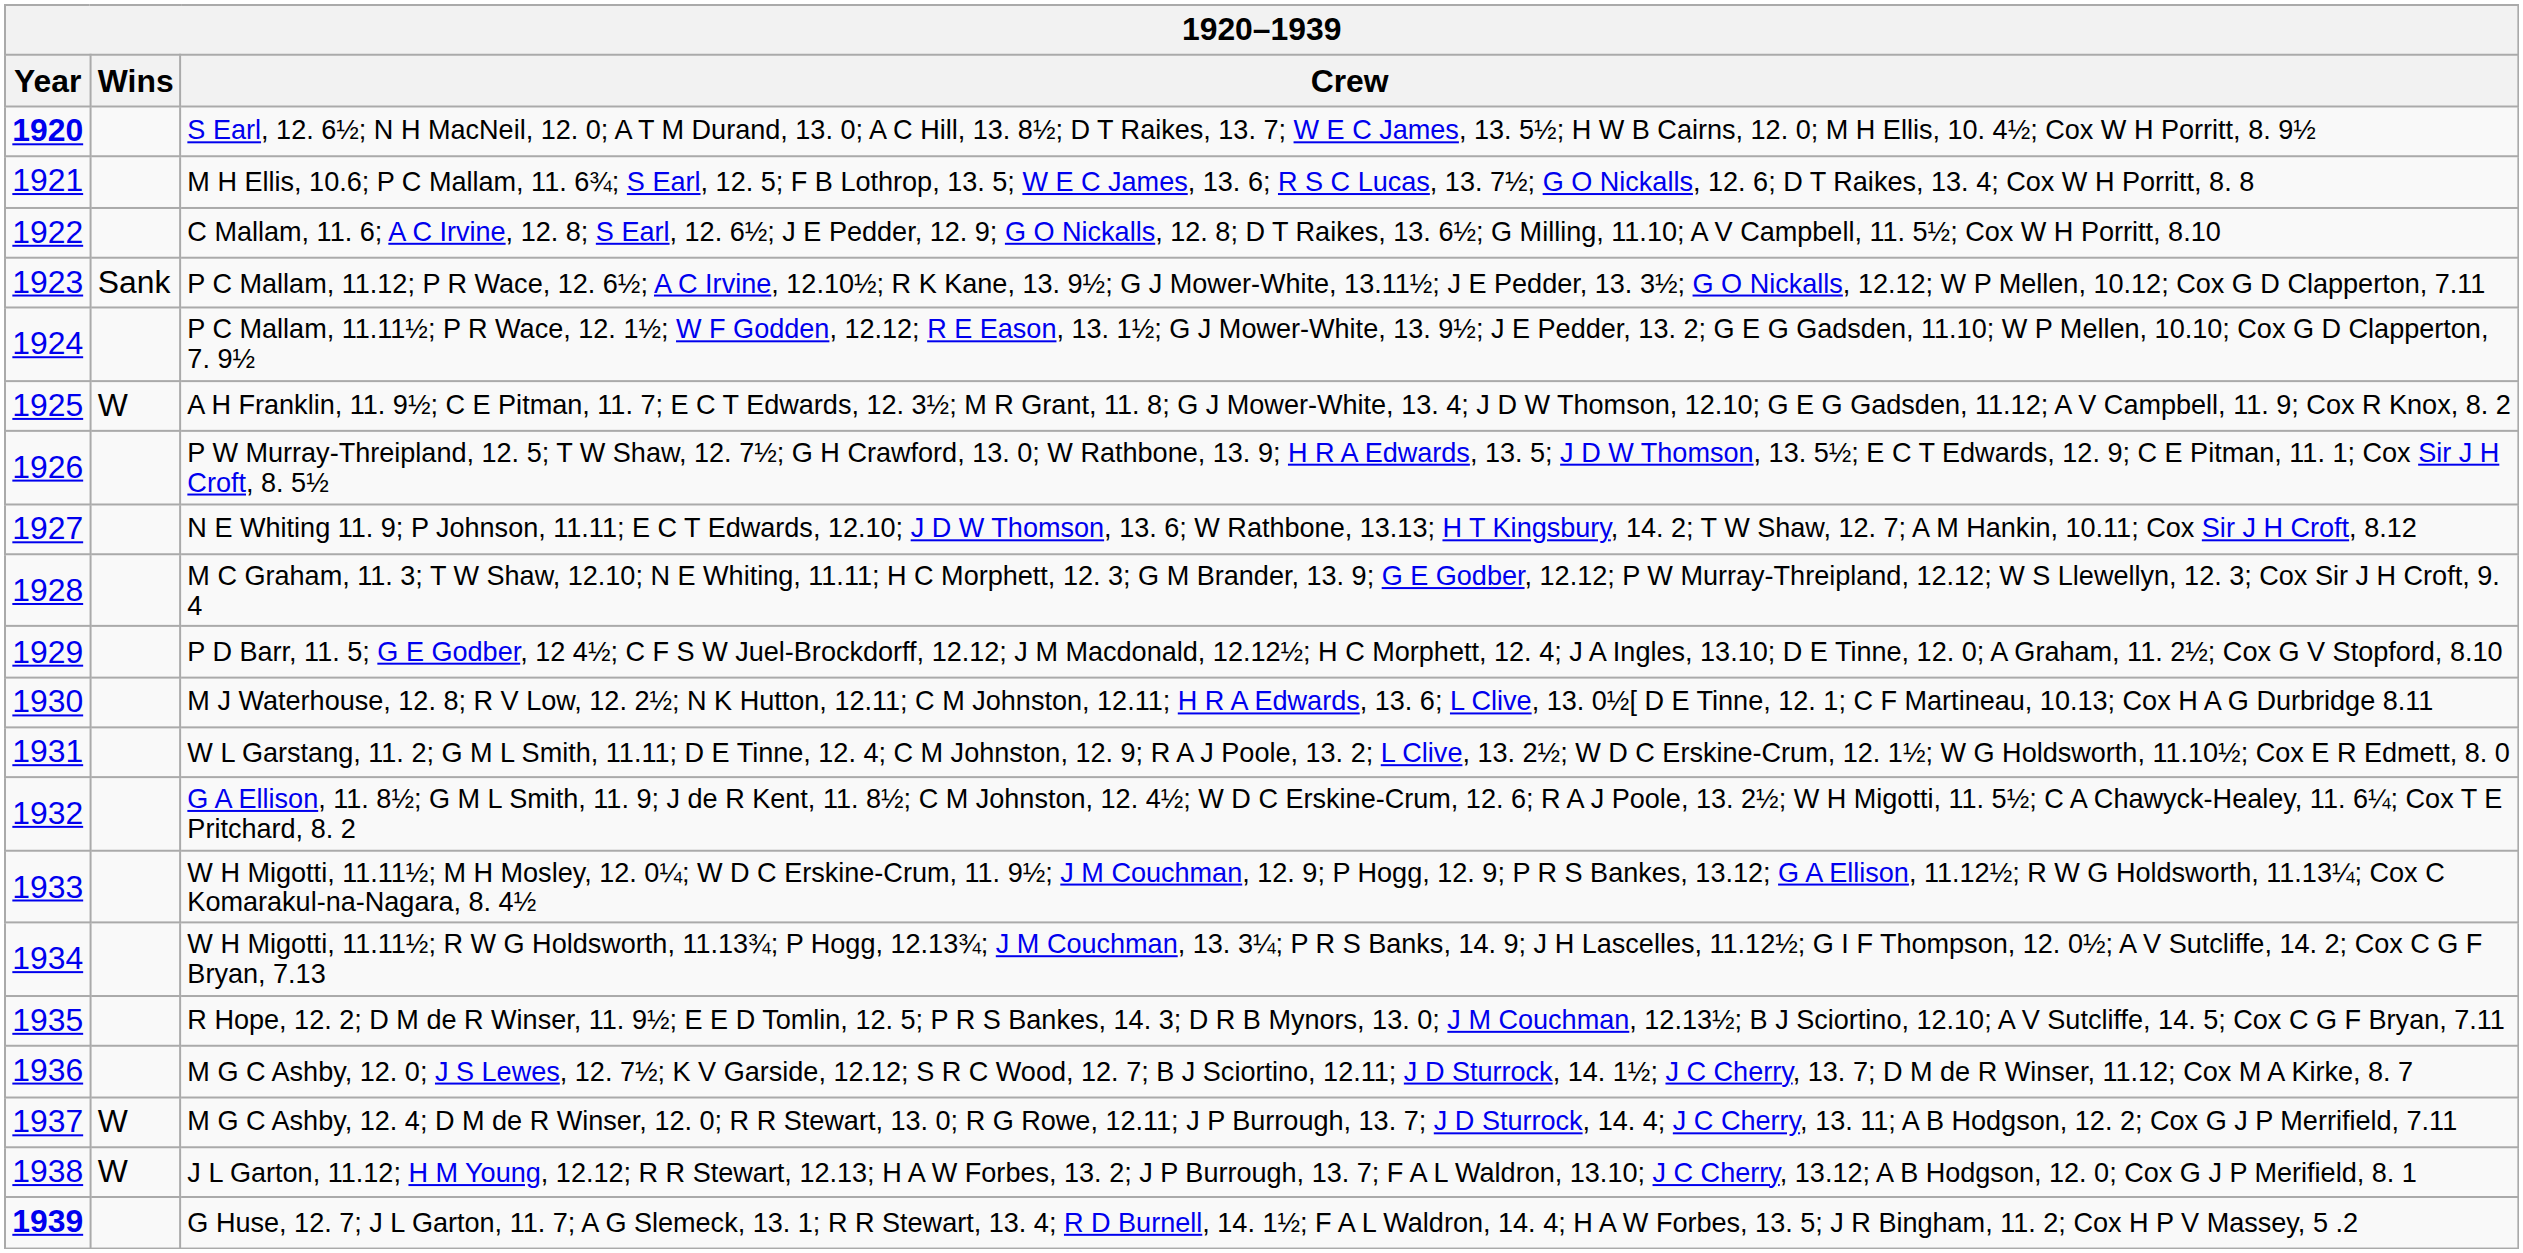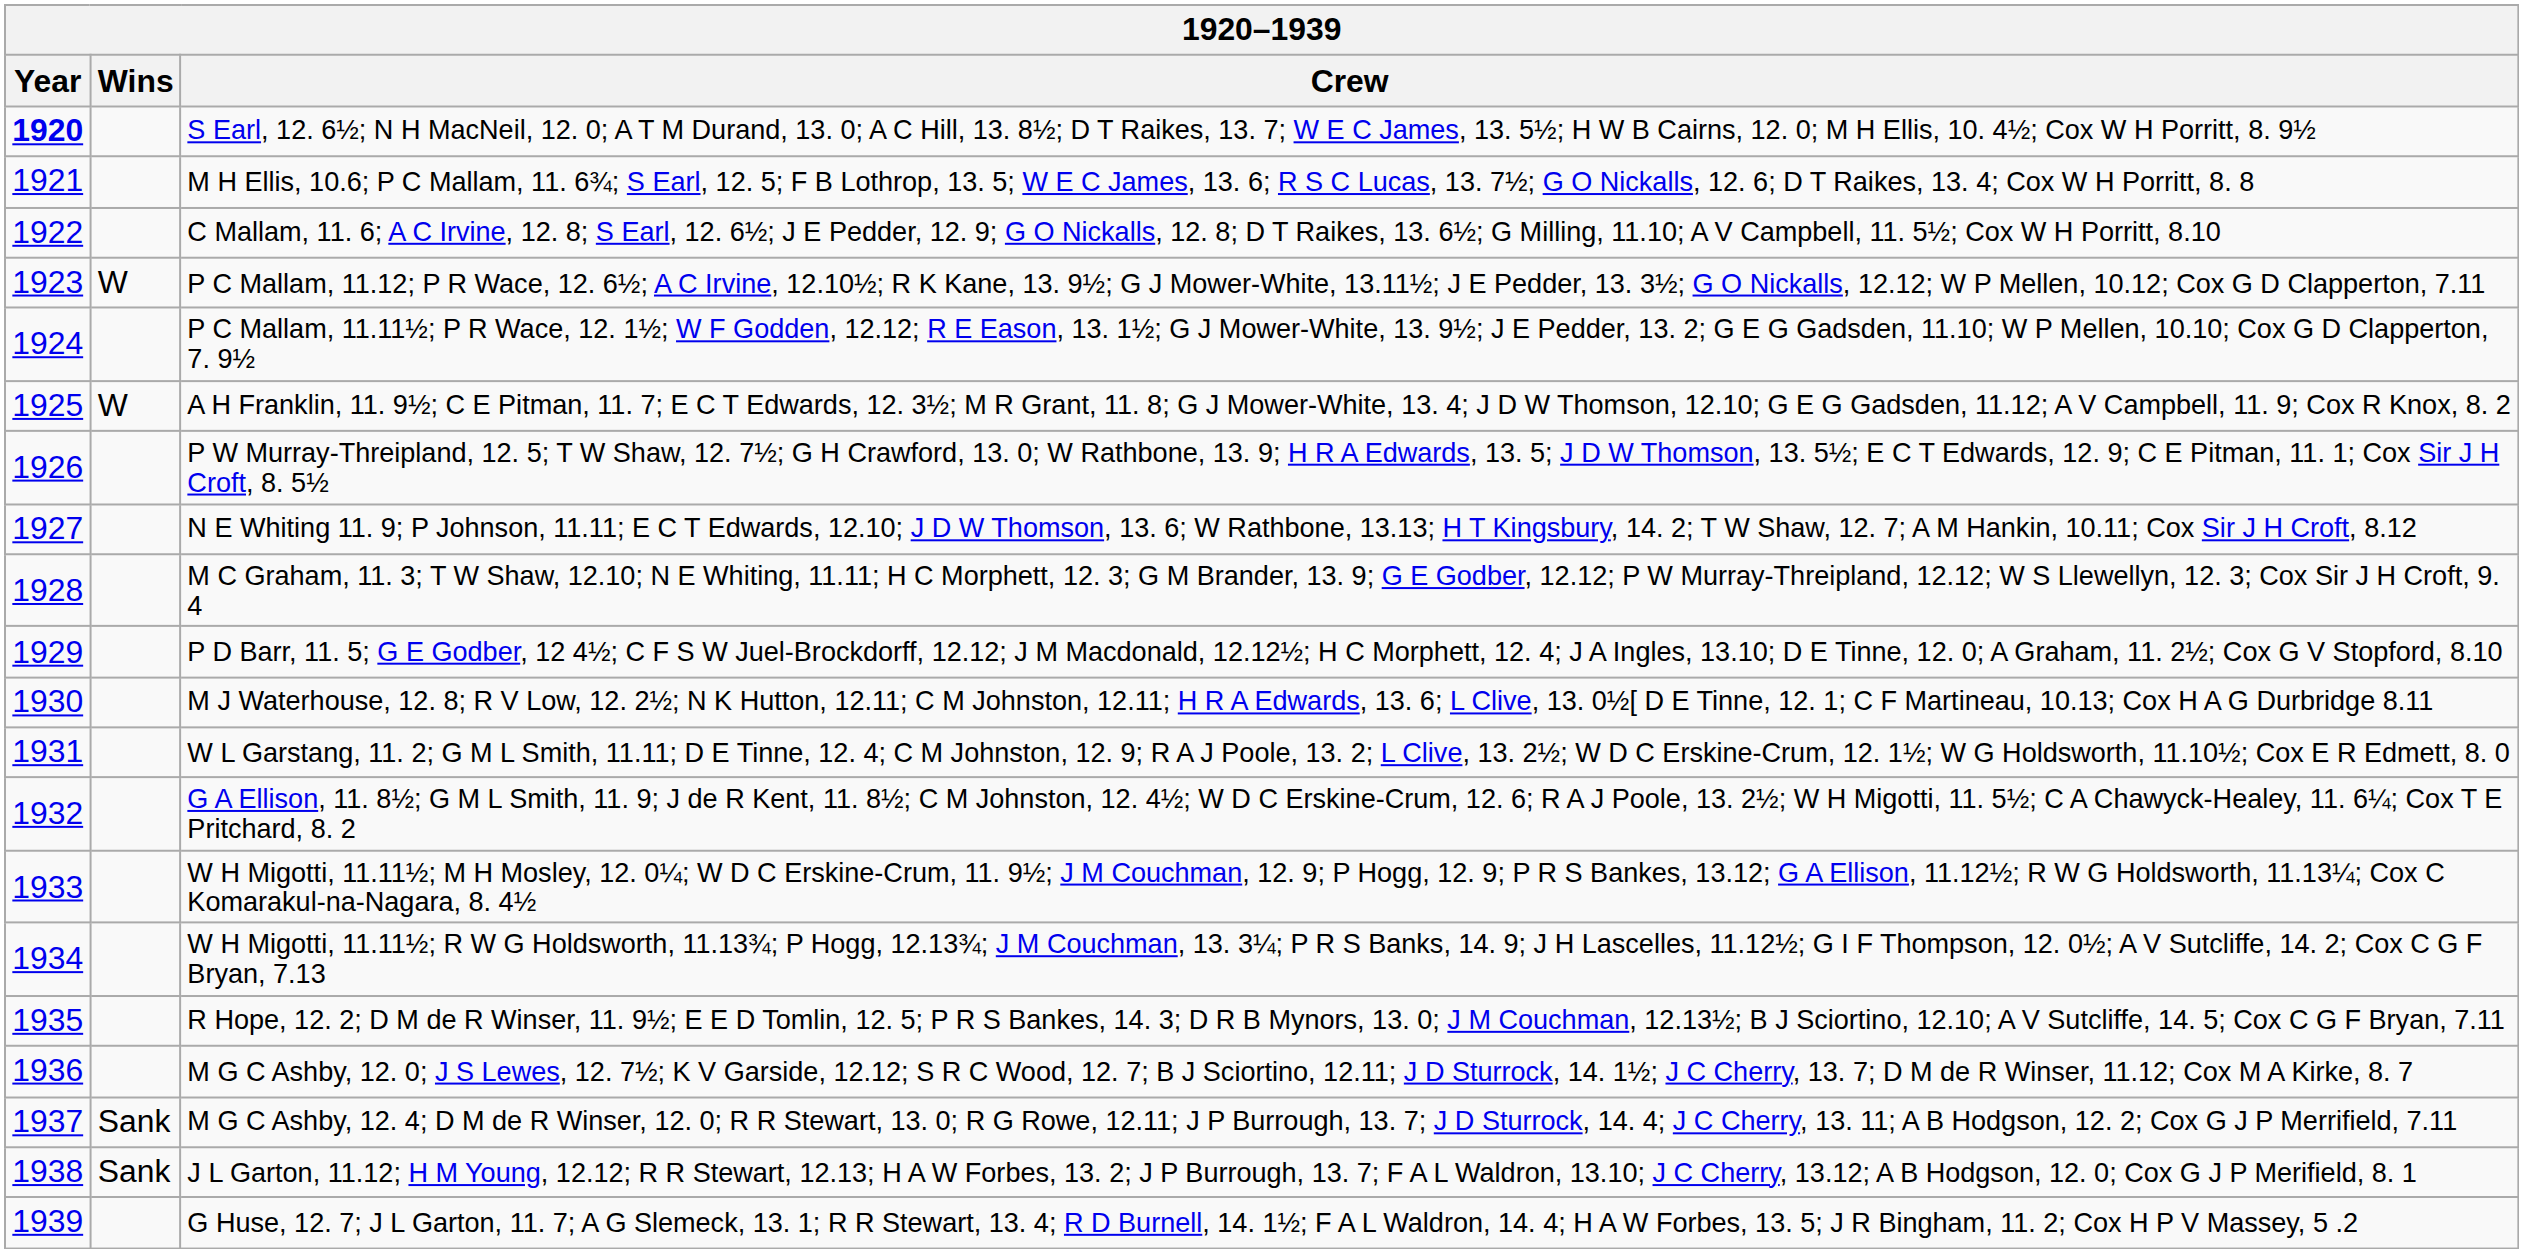 <table class="wikitable" width="100%">
 <tr>
 <th colspan=3>1920–1939</th>
 </tr>
 <tr>
 <th>Year</th>
 <th>Wins</th>
 <th>Crew</th>
 </tr>
 <tr>
 <td><strong><a href='#'>1920</a></strong></td>
 <td></td>
 <td style="font-size:85%"><a href='#'>S Earl</a>, 12. 6½; N H MacNeil, 12. 0; A T M Durand, 13. 0; A C Hill, 13. 8½; D T Raikes, 13. 7; <a href='#'>W E C James</a>, 13. 5½; H W B Cairns, 12. 0; M H Ellis, 10. 4½; Cox W H Porritt, 8. 9½</td>
 </tr>
 <tr>
 <td><a href='#'>1921</a></td>
 <td></td>
 <td style="font-size:85%">M H Ellis, 10.6; P C Mallam, 11. 6¾; <a href='#'>S Earl</a>, 12. 5; F B Lothrop, 13. 5; <a href='#'>W E C James</a>, 13. 6; <a href='#'>R S C Lucas</a>, 13. 7½; <a href='#'>G O Nickalls</a>, 12. 6; D T Raikes, 13. 4; Cox W H Porritt, 8. 8</td>
 </tr>
 <tr>
 <td><a href='#'>1922</a></td>
 <td></td>
 <td style="font-size:85%">C Mallam, 11. 6; <a href='#'>A C Irvine</a>, 12. 8; <a href='#'>S Earl</a>, 12. 6½; J E Pedder, 12. 9; <a href='#'>G O Nickalls</a>, 12. 8; D T Raikes, 13. 6½; G Milling, 11.10; A V Campbell, 11. 5½; Cox W H Porritt, 8.10</td>
 </tr>
 <tr>
 <td><a href='#'>1923</a></td>
-<td>Sank</td>
+<td>W</td>
 <td style="font-size:85%">P C Mallam, 11.12; P R Wace, 12. 6½; <a href='#'>A C Irvine</a>, 12.10½; R K Kane, 13. 9½; G J Mower-White, 13.11½; J E Pedder, 13. 3½; <a href='#'>G O Nickalls</a>, 12.12; W P Mellen, 10.12; Cox G D Clapperton, 7.11</td>
 </tr>
 <tr>
 <td><a href='#'>1924</a></td>
 <td></td>
 <td style="font-size:85%">P C Mallam, 11.11½; P R Wace, 12. 1½; <a href='#'>W F Godden</a>, 12.12; <a href='#'>R E Eason</a>, 13. 1½; G J Mower-White, 13. 9½; J E Pedder, 13. 2; G E G Gadsden, 11.10; W P Mellen, 10.10; Cox G D Clapperton, 7. 9½</td>
 </tr>
 <tr>
 <td><a href='#'>1925</a></td>
 <td>W</td>
 <td style="font-size:85%">A H Franklin, 11. 9½; C E Pitman, 11. 7; E C T Edwards, 12. 3½; M R Grant, 11. 8; G J Mower-White, 13. 4; J D W Thomson, 12.10; G E G Gadsden, 11.12; A V Campbell, 11. 9; Cox R Knox, 8. 2</td>
 </tr>
 <tr>
 <td><a href='#'>1926</a></td>
 <td></td>
 <td style="font-size:85%">P W Murray-Threipland, 12. 5; T W Shaw, 12. 7½; G H Crawford, 13. 0; W Rathbone, 13. 9; <a href='#'>H R A Edwards</a>, 13. 5; <a href='#'>J D W Thomson</a>, 13. 5½; E C T Edwards, 12. 9; C E Pitman, 11. 1; Cox <a href='#'>Sir J H Croft</a>, 8. 5½</td>
 </tr>
 <tr>
 <td><a href='#'>1927</a></td>
 <td></td>
 <td style="font-size:85%">N E Whiting 11. 9; P Johnson, 11.11; E C T Edwards, 12.10; <a href='#'>J D W Thomson</a>, 13. 6; W Rathbone, 13.13; <a href='#'>H T Kingsbury</a>, 14. 2; T W Shaw, 12. 7; A M Hankin, 10.11; Cox <a href='#'>Sir J H Croft</a>, 8.12</td>
 </tr>
 <tr>
 <td><a href='#'>1928</a></td>
 <td></td>
 <td style="font-size:85%">M C Graham, 11. 3; T W Shaw, 12.10; N E Whiting, 11.11; H C Morphett, 12. 3; G M Brander, 13. 9; <a href='#'>G E Godber</a>, 12.12; P W Murray-Threipland, 12.12; W S Llewellyn, 12. 3; Cox Sir J H Croft, 9. 4</td>
 </tr>
 <tr>
 <td><a href='#'>1929</a></td>
 <td></td>
 <td style="font-size:85%">P D Barr, 11. 5; <a href='#'>G E Godber</a>, 12 4½; C F S W Juel-Brockdorff, 12.12; J M Macdonald, 12.12½; H C Morphett, 12. 4; J A Ingles, 13.10; D E Tinne, 12. 0; A Graham, 11. 2½; Cox G V Stopford, 8.10</td>
 </tr>
 <tr>
 <td><a href='#'>1930</a></td>
 <td></td>
 <td style="font-size:85%">M J Waterhouse, 12. 8; R V Low, 12. 2½; N K Hutton, 12.11; C M Johnston, 12.11; <a href='#'>H R A Edwards</a>, 13. 6; <a href='#'>L Clive</a>, 13. 0½[ D E Tinne, 12. 1; C F Martineau, 10.13; Cox H A G Durbridge 8.11</td>
 </tr>
 <tr>
 <td><a href='#'>1931</a></td>
 <td></td>
 <td style="font-size:85%">W L Garstang, 11. 2; G M L Smith, 11.11; D E Tinne, 12. 4; C M Johnston, 12. 9; R A J Poole, 13. 2; <a href='#'>L Clive</a>, 13. 2½; W D C Erskine-Crum, 12. 1½; W G Holdsworth, 11.10½; Cox E R Edmett, 8. 0</td>
 </tr>
 <tr>
 <td><a href='#'>1932</a></td>
 <td></td>
 <td style="font-size:85%"><a href='#'>G A Ellison</a>, 11. 8½; G M L Smith, 11. 9; J de R Kent, 11. 8½; C M Johnston, 12. 4½; W D C Erskine-Crum, 12. 6; R A J Poole, 13. 2½; W H Migotti, 11. 5½; C A Chawyck-Healey, 11. 6¼; Cox T E Pritchard, 8. 2</td>
 </tr>
 <tr>
 <td><a href='#'>1933</a></td>
 <td></td>
 <td style="font-size:85%">W H Migotti, 11.11½; M H Mosley, 12. 0¼; W D C Erskine-Crum, 11. 9½; <a href='#'>J M Couchman</a>, 12. 9; P Hogg, 12. 9; P R S Bankes, 13.12; <a href='#'>G A Ellison</a>, 11.12½; R W G Holdsworth, 11.13¼; Cox C Komarakul-na-Nagara, 8. 4½</td>
 </tr>
 <tr>
 <td><a href='#'>1934</a></td>
 <td></td>
 <td style="font-size:85%">W H Migotti, 11.11½; R W G Holdsworth, 11.13¾; P Hogg, 12.13¾; <a href='#'>J M Couchman</a>, 13. 3¼; P R S Banks, 14. 9; J H Lascelles, 11.12½; G I F Thompson, 12. 0½; A V Sutcliffe, 14. 2; Cox C G F Bryan, 7.13</td>
 </tr>
 <tr>
 <td><a href='#'>1935</a></td>
 <td></td>
 <td style="font-size:85%">R Hope, 12. 2; D M de R Winser, 11. 9½; E E D Tomlin, 12. 5; P R S Bankes, 14. 3; D R B Mynors, 13. 0; <a href='#'>J M Couchman</a>, 12.13½; B J Sciortino, 12.10; A V Sutcliffe, 14. 5; Cox C G F Bryan, 7.11</td>
 </tr>
 <tr>
 <td><a href='#'>1936</a></td>
 <td></td>
 <td style="font-size:85%">M G C Ashby, 12. 0; <a href='#'>J S Lewes</a>, 12. 7½; K V Garside, 12.12; S R C Wood, 12. 7; B J Sciortino, 12.11; <a href='#'>J D Sturrock</a>, 14. 1½; <a href='#'>J C Cherry</a>, 13. 7; D M de R Winser, 11.12; Cox M A Kirke, 8. 7</td>
 </tr>
 <tr>
 <td><a href='#'>1937</a></td>
-<td>W</td>
+<td>Sank</td>
 <td style="font-size:85%">M G C Ashby, 12. 4; D M de R Winser, 12. 0; R R Stewart, 13. 0; R G Rowe, 12.11; J P Burrough, 13. 7; <a href='#'>J D Sturrock</a>, 14. 4; <a href='#'>J C Cherry</a>, 13. 11; A B Hodgson, 12. 2; Cox G J P Merrifield, 7.11</td>
 </tr>
 <tr>
 <td><a href='#'>1938</a></td>
-<td>W</td>
+<td>Sank</td>
 <td style="font-size:85%">J L Garton, 11.12; <a href='#'>H M Young</a>, 12.12; R R Stewart, 12.13; H A W Forbes, 13. 2; J P Burrough, 13. 7; F A L Waldron, 13.10; <a href='#'>J C Cherry</a>, 13.12; A B Hodgson, 12. 0; Cox G J P Merifield, 8. 1</td>
 </tr>
 <tr>
-<td><strong><a href='#'>1939</a></strong></td>
+<td><a href='#'>1939</a></td>
 <td></td>
 <td style="font-size:85%">G Huse, 12. 7; J L Garton, 11. 7; A G Slemeck, 13. 1; R R Stewart, 13. 4; <a href='#'>R D Burnell</a>, 14. 1½; F A L Waldron, 14. 4; H A W Forbes, 13. 5; J R Bingham, 11. 2; Cox H P V Massey, 5 .2</td>
 </tr>
 <tr>
 </tr>
 </table>
